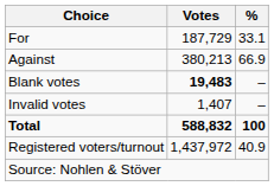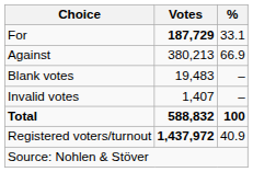 <table class=wikitable style=text-align:right>
 <tr>
 <th>Choice</th>
 <th>Votes</th>
 <th>%</th>
 </tr>
 <tr>
 <td align=left>For</td>
-<td>187,729</td>
+<td><strong>187,729</strong></td>
 <td>33.1</td>
 </tr>
 <tr>
 <td align=left>Against</td>
 <td>380,213</td>
 <td>66.9</td>
 </tr>
 <tr>
 <td align=left>Blank votes</td>
-<td><strong>19,483</strong></td>
+<td>19,483</td>
 <td>–</td>
 </tr>
 <tr>
 <td align=left>Invalid votes</td>
 <td>1,407</td>
 <td>–</td>
 </tr>
 <tr>
 <td align=left><strong>Total</strong></td>
 <td><strong>588,832</strong></td>
 <td><strong>100</strong></td>
 </tr>
 <tr>
 <td align=left>Registered voters/turnout</td>
-<td>1,437,972</td>
+<td><strong>1,437,972</strong></td>
 <td>40.9</td>
 </tr>
 <tr>
 <td align=left colspan=6>Source: Nohlen & Stöver</td>
 </tr>
 </table>
